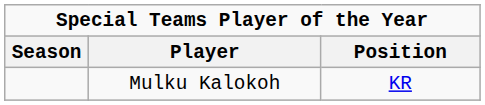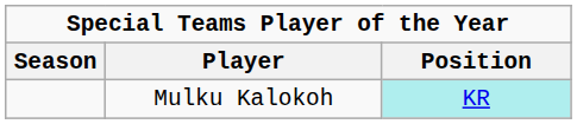 <table class="wikitable sortable" style="text-align:center">
 <tr>
 <td colspan="4"><strong>Special Teams Player of the Year</strong></td>
 </tr>
 <tr>
 <th style="width:50px; ">Season</th>
 <th style="width:150px; ">Player</th>
 <th style="width:100px; ">Position</th>
 </tr>
 <tr>
 <td></td>
 <td>Mulku Kalokoh</td>
-<td><a href='#'>KR</a></td>
+<td style="background: paleturquoise;"><a href='#'>KR</a></td>
 </tr>
 </table>
